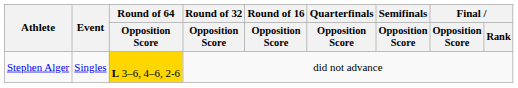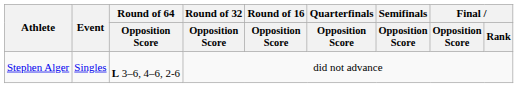 <table class=wikitable style="font-size:90%">
 <tr>
 <th rowspan=2>Athlete</th>
 <th rowspan=2>Event</th>
 <th>Round of 64</th>
 <th>Round of 32</th>
 <th>Round of 16</th>
 <th>Quarterfinals</th>
 <th>Semifinals</th>
 <th colspan=2>Final / </th>
 </tr>
 <tr style="font-size:95%">
 <th>Opposition<br>Score</th>
 <th>Opposition<br>Score</th>
 <th>Opposition<br>Score</th>
 <th>Opposition<br>Score</th>
 <th>Opposition<br>Score</th>
 <th>Opposition<br>Score</th>
 <th>Rank</th>
 </tr>
 <tr align=center>
 <td align=left><a href='#'>Stephen Alger</a></td>
 <td style="text-align:left;" rowspan="4"><a href='#'>Singles</a></td>
-<td style="background: gold;"><br><strong>L</strong> 3–6, 4–6, 2-6</td>
+<td><br><strong>L</strong> 3–6, 4–6, 2-6</td>
 <td colspan=6>did not advance</td>
 </tr>
 </table>
